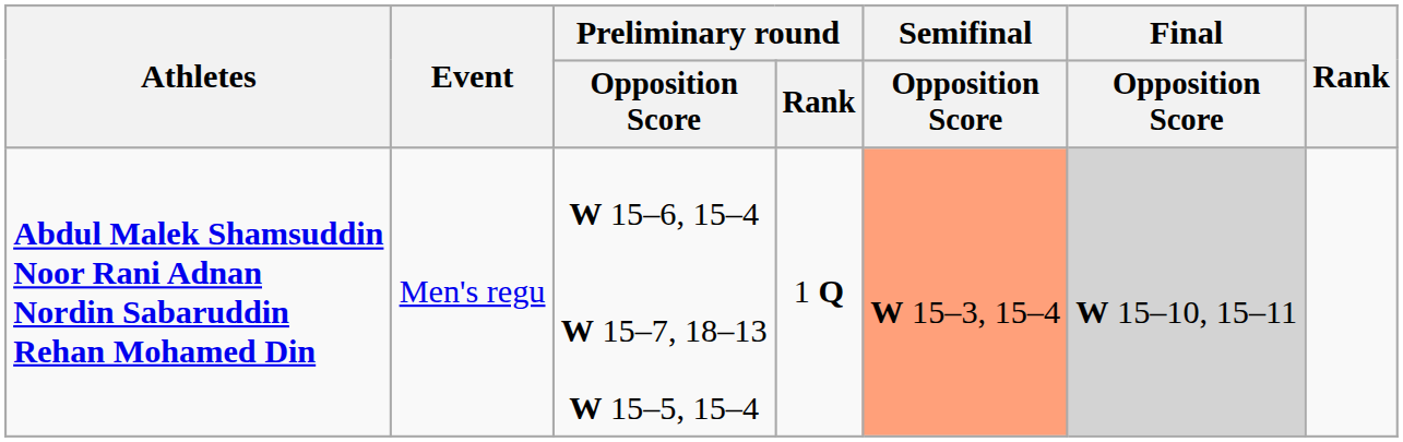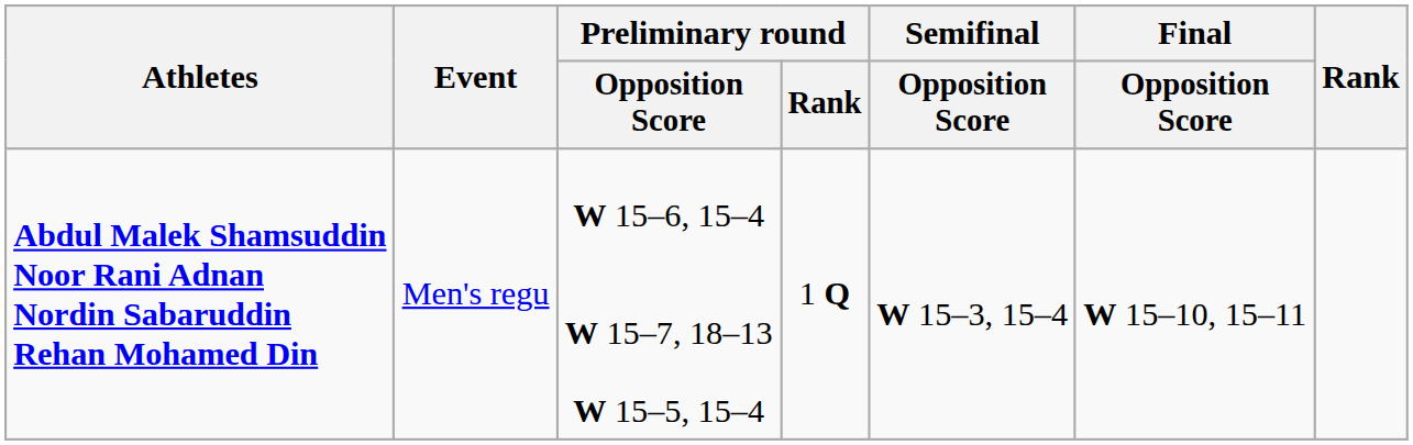 <table class="wikitable" style="font-size:90%">
 <tr>
 <th rowspan=2>Athletes</th>
 <th rowspan=2>Event</th>
 <th colspan=2>Preliminary round</th>
 <th>Semifinal</th>
 <th>Final</th>
 <th rowspan=2>Rank</th>
 </tr>
 <tr style="font-size:95%">
 <th>Opposition<br>Score</th>
 <th>Rank</th>
 <th>Opposition<br>Score</th>
 <th>Opposition<br>Score</th>
 </tr>
 <tr align=center>
 <td align=left><strong><a href='#'>Abdul Malek Shamsuddin</a><br><a href='#'>Noor Rani Adnan</a><br><a href='#'>Nordin Sabaruddin</a><br><a href='#'>Rehan Mohamed Din</a></strong></td>
 <td align=left><a href='#'>Men's regu</a></td>
 <td><br><strong>W</strong> 15–6, 15–4<br><br><br><strong>W</strong> 15–7, 18–13<br> <br><strong>W</strong> 15–5, 15–4<br></td>
 <td>1 <strong>Q</strong></td>
-<td style="background: lightsalmon;"><br><strong>W</strong> 15–3, 15–4</td>
-<td style="background: lightgrey;"><br><strong>W</strong> 15–10, 15–11</td>
+<td><br><strong>W</strong> 15–3, 15–4</td>
+<td><br><strong>W</strong> 15–10, 15–11</td>
 <td></td>
 </tr>
 </table>
